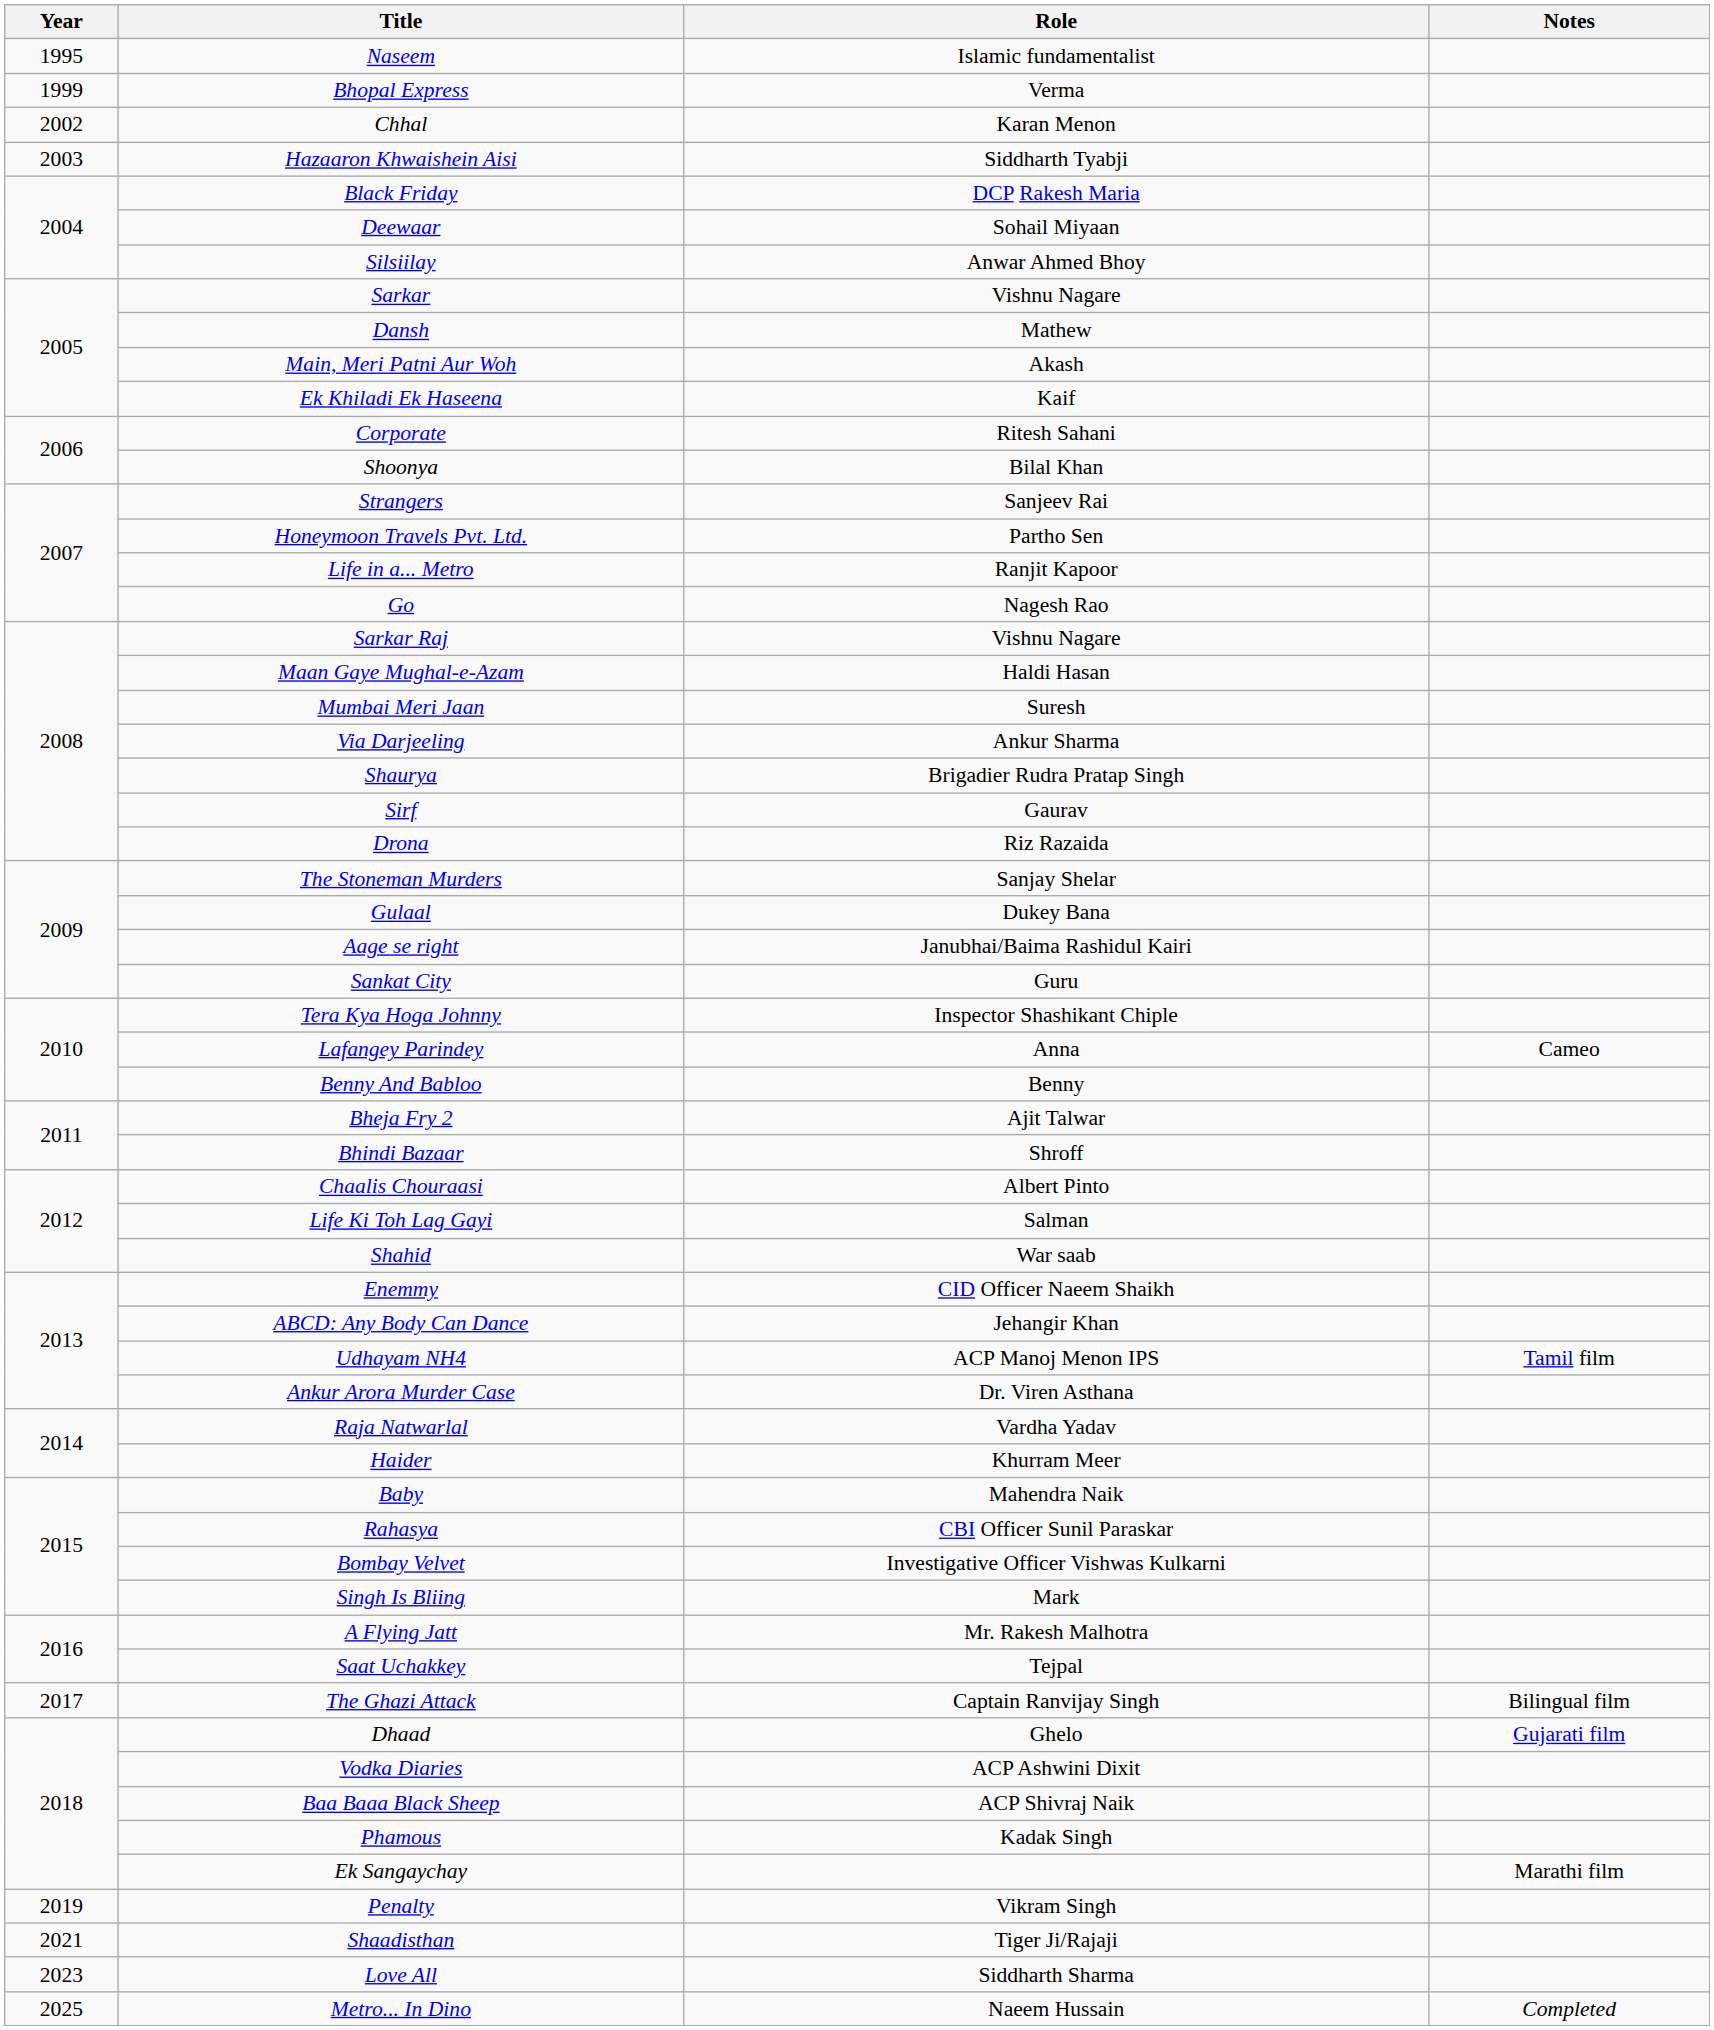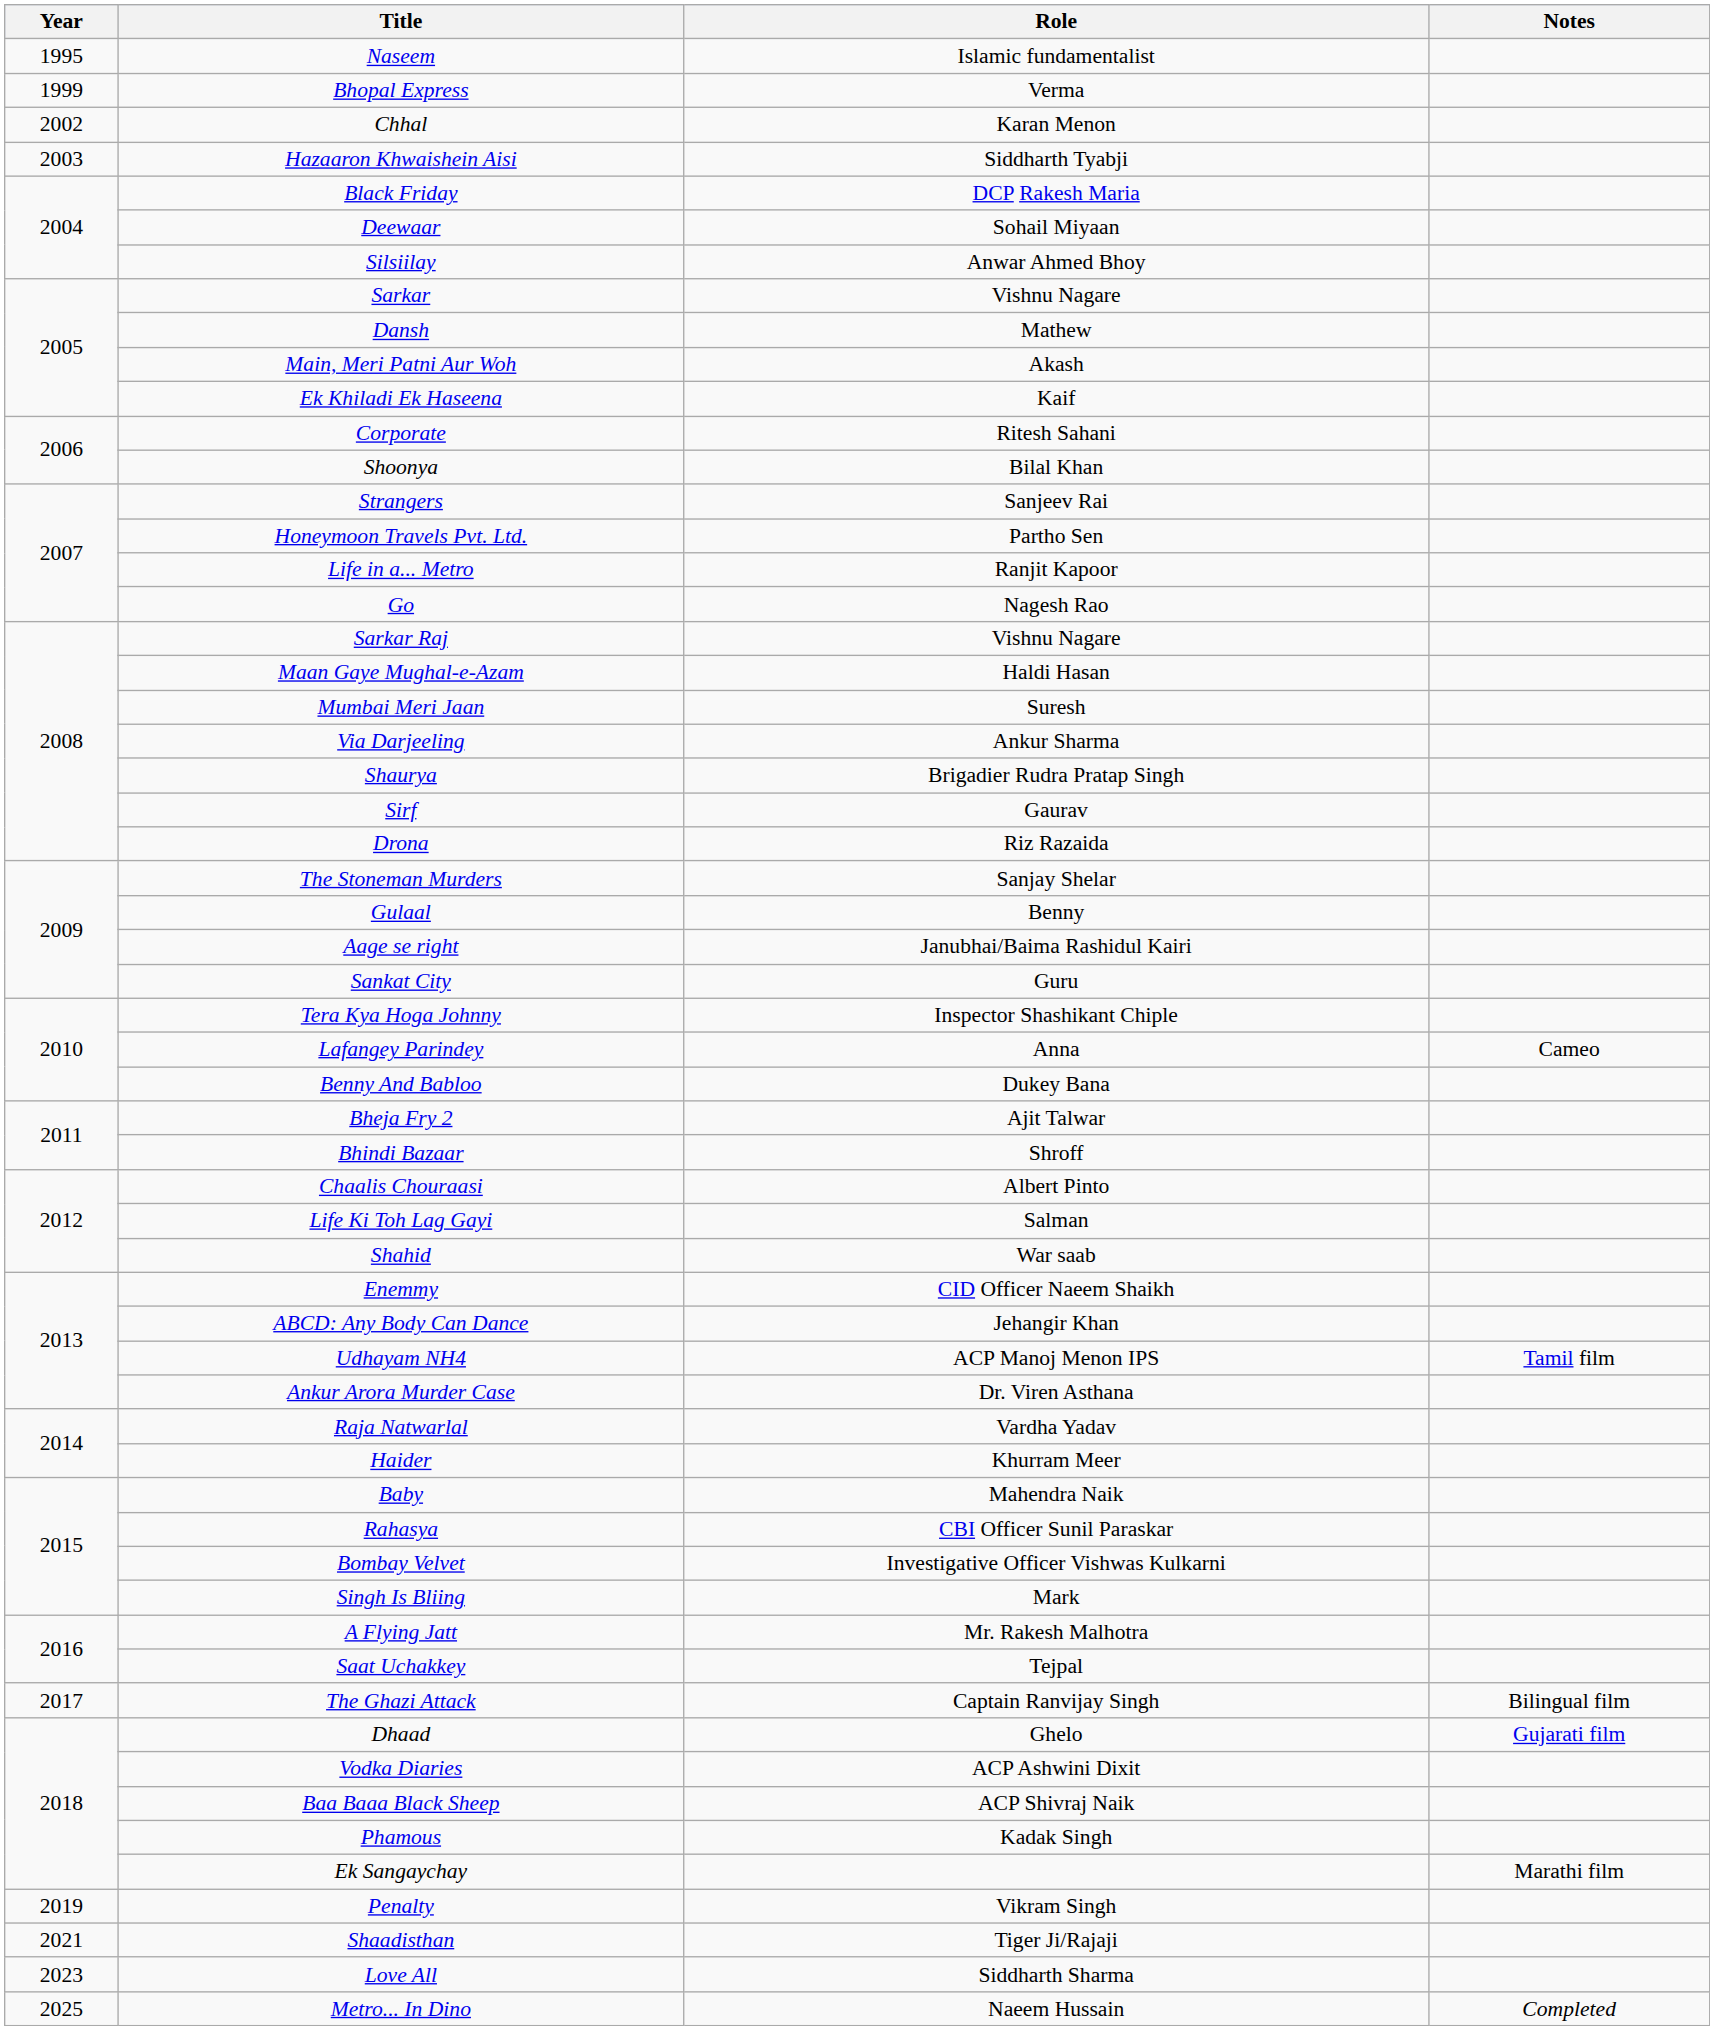 <table class="wikitable sortable" style="width: 100%; text-align: center;">
 <tr style="background:#d1e4fd;">
 <th>Year</th>
 <th>Title</th>
 <th>Role</th>
 <th>Notes</th>
 </tr>
 <tr>
 <td>1995</td>
 <td><em><a href='#'>Naseem</a></em></td>
 <td>Islamic fundamentalist</td>
 <td></td>
 </tr>
 <tr>
 <td>1999</td>
 <td><em><a href='#'>Bhopal Express</a></em></td>
 <td>Verma</td>
 <td></td>
 </tr>
 <tr>
 <td>2002</td>
 <td><em>Chhal</em></td>
 <td>Karan Menon</td>
 <td></td>
 </tr>
 <tr>
 <td>2003</td>
 <td><em><a href='#'>Hazaaron Khwaishein Aisi</a></em></td>
 <td>Siddharth Tyabji</td>
 <td></td>
 </tr>
 <tr>
 <td rowspan="3">2004</td>
 <td><em><a href='#'>Black Friday</a></em></td>
 <td><a href='#'>DCP</a> <a href='#'>Rakesh Maria</a></td>
 <td></td>
 </tr>
 <tr>
 <td><em><a href='#'>Deewaar</a></em></td>
 <td>Sohail Miyaan</td>
 <td></td>
 </tr>
 <tr>
 <td><em><a href='#'>Silsiilay</a></em></td>
 <td>Anwar Ahmed Bhoy</td>
 <td></td>
 </tr>
 <tr>
 <td rowspan="4">2005</td>
 <td><em><a href='#'>Sarkar</a></em></td>
 <td>Vishnu Nagare</td>
 <td></td>
 </tr>
 <tr>
 <td><em><a href='#'>Dansh</a></em></td>
 <td>Mathew</td>
 <td></td>
 </tr>
 <tr>
 <td><em><a href='#'>Main, Meri Patni Aur Woh</a></em></td>
 <td>Akash</td>
 <td></td>
 </tr>
 <tr>
 <td><em><a href='#'>Ek Khiladi Ek Haseena</a></em></td>
 <td>Kaif</td>
 <td></td>
 </tr>
 <tr>
 <td rowspan="2">2006</td>
 <td><em><a href='#'>Corporate</a></em></td>
 <td>Ritesh Sahani</td>
 <td></td>
 </tr>
 <tr>
 <td><em>Shoonya</em></td>
 <td>Bilal Khan</td>
 <td></td>
 </tr>
 <tr>
 <td rowspan="4">2007</td>
 <td><em><a href='#'>Strangers</a></em></td>
 <td>Sanjeev Rai</td>
 <td></td>
 </tr>
 <tr>
 <td><em><a href='#'>Honeymoon Travels Pvt. Ltd.</a></em></td>
 <td>Partho Sen</td>
 <td></td>
 </tr>
 <tr>
 <td><em><a href='#'>Life in a... Metro</a></em></td>
 <td>Ranjit Kapoor</td>
 <td></td>
 </tr>
 <tr>
 <td><em><a href='#'>Go</a></em></td>
 <td>Nagesh Rao</td>
 <td></td>
 </tr>
 <tr>
 <td rowspan="7">2008</td>
 <td><em><a href='#'>Sarkar Raj</a></em></td>
 <td>Vishnu Nagare</td>
 <td></td>
 </tr>
 <tr>
 <td><em><a href='#'>Maan Gaye Mughal-e-Azam</a></em></td>
 <td>Haldi Hasan</td>
 <td></td>
 </tr>
 <tr>
 <td><em><a href='#'>Mumbai Meri Jaan</a></em></td>
 <td>Suresh</td>
 <td></td>
 </tr>
 <tr>
 <td><em><a href='#'>Via Darjeeling</a></em></td>
 <td>Ankur Sharma</td>
 <td></td>
 </tr>
 <tr>
 <td><em><a href='#'>Shaurya</a></em></td>
 <td>Brigadier Rudra Pratap Singh</td>
 <td></td>
 </tr>
 <tr>
 <td><em><a href='#'>Sirf</a></em></td>
 <td>Gaurav</td>
 <td></td>
 </tr>
 <tr>
 <td><em><a href='#'>Drona</a></em></td>
 <td>Riz Razaida</td>
 <td></td>
 </tr>
 <tr>
 <td rowspan="4">2009</td>
 <td><em><a href='#'>The Stoneman Murders</a></em></td>
 <td>Sanjay Shelar</td>
 <td></td>
 </tr>
 <tr>
 <td><em><a href='#'>Gulaal</a></em></td>
-<td>Dukey Bana</td>
+<td>Benny</td>
 <td></td>
 </tr>
 <tr>
 <td><em><a href='#'>Aage se right</a></em></td>
 <td>Janubhai/Baima Rashidul Kairi</td>
 <td></td>
 </tr>
 <tr>
 <td><em><a href='#'>Sankat City</a></em></td>
 <td>Guru</td>
 <td></td>
 </tr>
 <tr>
 <td rowspan="3">2010</td>
 <td><em><a href='#'>Tera Kya Hoga Johnny</a></em></td>
 <td>Inspector Shashikant Chiple</td>
 <td></td>
 </tr>
 <tr>
 <td><em><a href='#'>Lafangey Parindey</a></em></td>
 <td>Anna</td>
 <td>Cameo</td>
 </tr>
 <tr>
 <td><em><a href='#'>Benny And Babloo</a></em></td>
-<td>Benny</td>
+<td>Dukey Bana</td>
 <td></td>
 </tr>
 <tr>
 <td rowspan="2">2011</td>
 <td><em><a href='#'>Bheja Fry 2</a></em></td>
 <td>Ajit Talwar</td>
 <td></td>
 </tr>
 <tr>
 <td><em><a href='#'>Bhindi Bazaar</a></em></td>
 <td>Shroff</td>
 <td></td>
 </tr>
 <tr>
 <td rowspan="3">2012</td>
 <td><em><a href='#'>Chaalis Chouraasi</a></em></td>
 <td>Albert Pinto</td>
 <td></td>
 </tr>
 <tr>
 <td><em><a href='#'>Life Ki Toh Lag Gayi</a></em></td>
 <td>Salman</td>
 <td></td>
 </tr>
 <tr>
 <td><em><a href='#'>Shahid</a></em></td>
 <td>War saab</td>
 <td></td>
 </tr>
 <tr>
 <td rowspan="4">2013</td>
 <td><em><a href='#'>Enemmy</a></em></td>
 <td><a href='#'> CID</a> Officer Naeem Shaikh</td>
 <td></td>
 </tr>
 <tr>
 <td><em><a href='#'>ABCD: Any Body Can Dance</a></em></td>
 <td>Jehangir Khan</td>
 <td></td>
 </tr>
 <tr>
 <td><em><a href='#'>Udhayam NH4</a></em></td>
 <td>ACP Manoj Menon IPS</td>
 <td><a href='#'>Tamil</a> film</td>
 </tr>
 <tr>
 <td><em><a href='#'>Ankur Arora Murder Case</a></em></td>
 <td>Dr. Viren Asthana</td>
 <td></td>
 </tr>
 <tr>
 <td rowspan="2">2014</td>
 <td><em><a href='#'>Raja Natwarlal</a></em></td>
 <td>Vardha Yadav</td>
 <td></td>
 </tr>
 <tr>
 <td><em><a href='#'>Haider</a></em></td>
 <td>Khurram Meer</td>
 <td></td>
 </tr>
 <tr>
 <td rowspan="4">2015</td>
 <td><em><a href='#'>Baby</a></em></td>
 <td>Mahendra Naik</td>
 <td></td>
 </tr>
 <tr>
 <td><em><a href='#'>Rahasya</a></em></td>
 <td><a href='#'> CBI</a> Officer Sunil Paraskar</td>
 <td></td>
 </tr>
 <tr>
 <td><em><a href='#'>Bombay Velvet</a></em></td>
 <td>Investigative Officer Vishwas Kulkarni</td>
 <td></td>
 </tr>
 <tr>
 <td><em><a href='#'>Singh Is Bliing</a></em></td>
 <td>Mark</td>
 <td></td>
 </tr>
 <tr>
 <td rowspan="2">2016</td>
 <td><em><a href='#'>A Flying Jatt</a></em></td>
 <td>Mr. Rakesh Malhotra</td>
 <td></td>
 </tr>
 <tr>
 <td><em><a href='#'>Saat Uchakkey</a></em></td>
 <td>Tejpal</td>
 <td></td>
 </tr>
 <tr>
 <td>2017</td>
 <td><em><a href='#'>The Ghazi Attack</a></em></td>
 <td>Captain Ranvijay Singh</td>
 <td>Bilingual film</td>
 </tr>
 <tr>
 <td rowspan="5">2018</td>
 <td><em>Dhaad</em></td>
 <td>Ghelo</td>
 <td><a href='#'>Gujarati film</a></td>
 </tr>
 <tr>
 <td><em><a href='#'>Vodka Diaries</a></em></td>
 <td>ACP Ashwini Dixit</td>
 <td></td>
 </tr>
 <tr>
 <td><em><a href='#'>Baa Baaa Black Sheep</a></em></td>
 <td>ACP Shivraj Naik</td>
 <td></td>
 </tr>
 <tr>
 <td><em><a href='#'>Phamous</a></em></td>
 <td>Kadak Singh</td>
 <td></td>
 </tr>
 <tr>
 <td><em>Ek Sangaychay</em></td>
 <td></td>
 <td>Marathi film</td>
 </tr>
 <tr>
 <td>2019</td>
 <td><em><a href='#'>Penalty</a></em></td>
 <td>Vikram Singh</td>
 <td></td>
 </tr>
 <tr>
 <td>2021</td>
 <td><em><a href='#'>Shaadisthan</a></em></td>
 <td>Tiger Ji/Rajaji</td>
 <td></td>
 </tr>
 <tr>
 <td>2023</td>
 <td><em><a href='#'>Love All</a></em></td>
 <td>Siddharth Sharma</td>
 <td></td>
 </tr>
 <tr>
 <td>2025</td>
 <td><em><a href='#'>Metro... In Dino</a></em></td>
 <td>Naeem Hussain</td>
 <td><em>Completed</em></td>
 </tr>
 </table>
